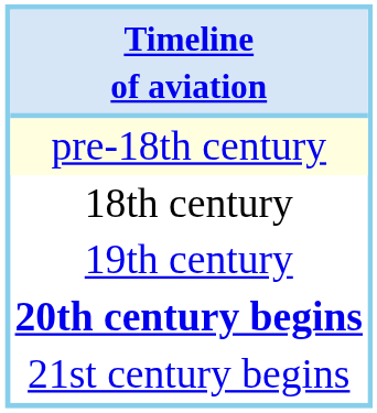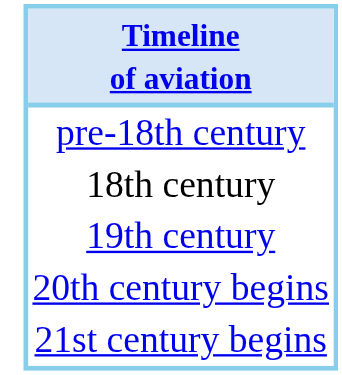 <table cellspacing=0 cellpadding=2 align=right style="border:solid 2px #87CEEB;margin-left:1em;margin-bottom:1em;">
 <tr>
 <th style="background:#d6e6f6;border-bottom:solid 2px #87CEEB;"><a href='#'><small>Timeline<br>of aviation</small></a></th>
 </tr>
 <tr>
-<td align=center style="background: lightyellow;"><a href='#'>pre-18th century</a></td>
+<td align=center><a href='#'>pre-18th century</a></td>
 </tr>
 <tr>
 <td align=center>18th century</td>
 </tr>
 <tr>
 <td align=center><a href='#'>19th century</a></td>
 </tr>
 <tr>
-<td align=center><strong><a href='#'>20th century begins</a></strong></td>
+<td align=center><a href='#'>20th century begins</a></td>
 </tr>
 <tr>
 <td align=center><a href='#'>21st century begins</a></td>
 </tr>
 </table>
